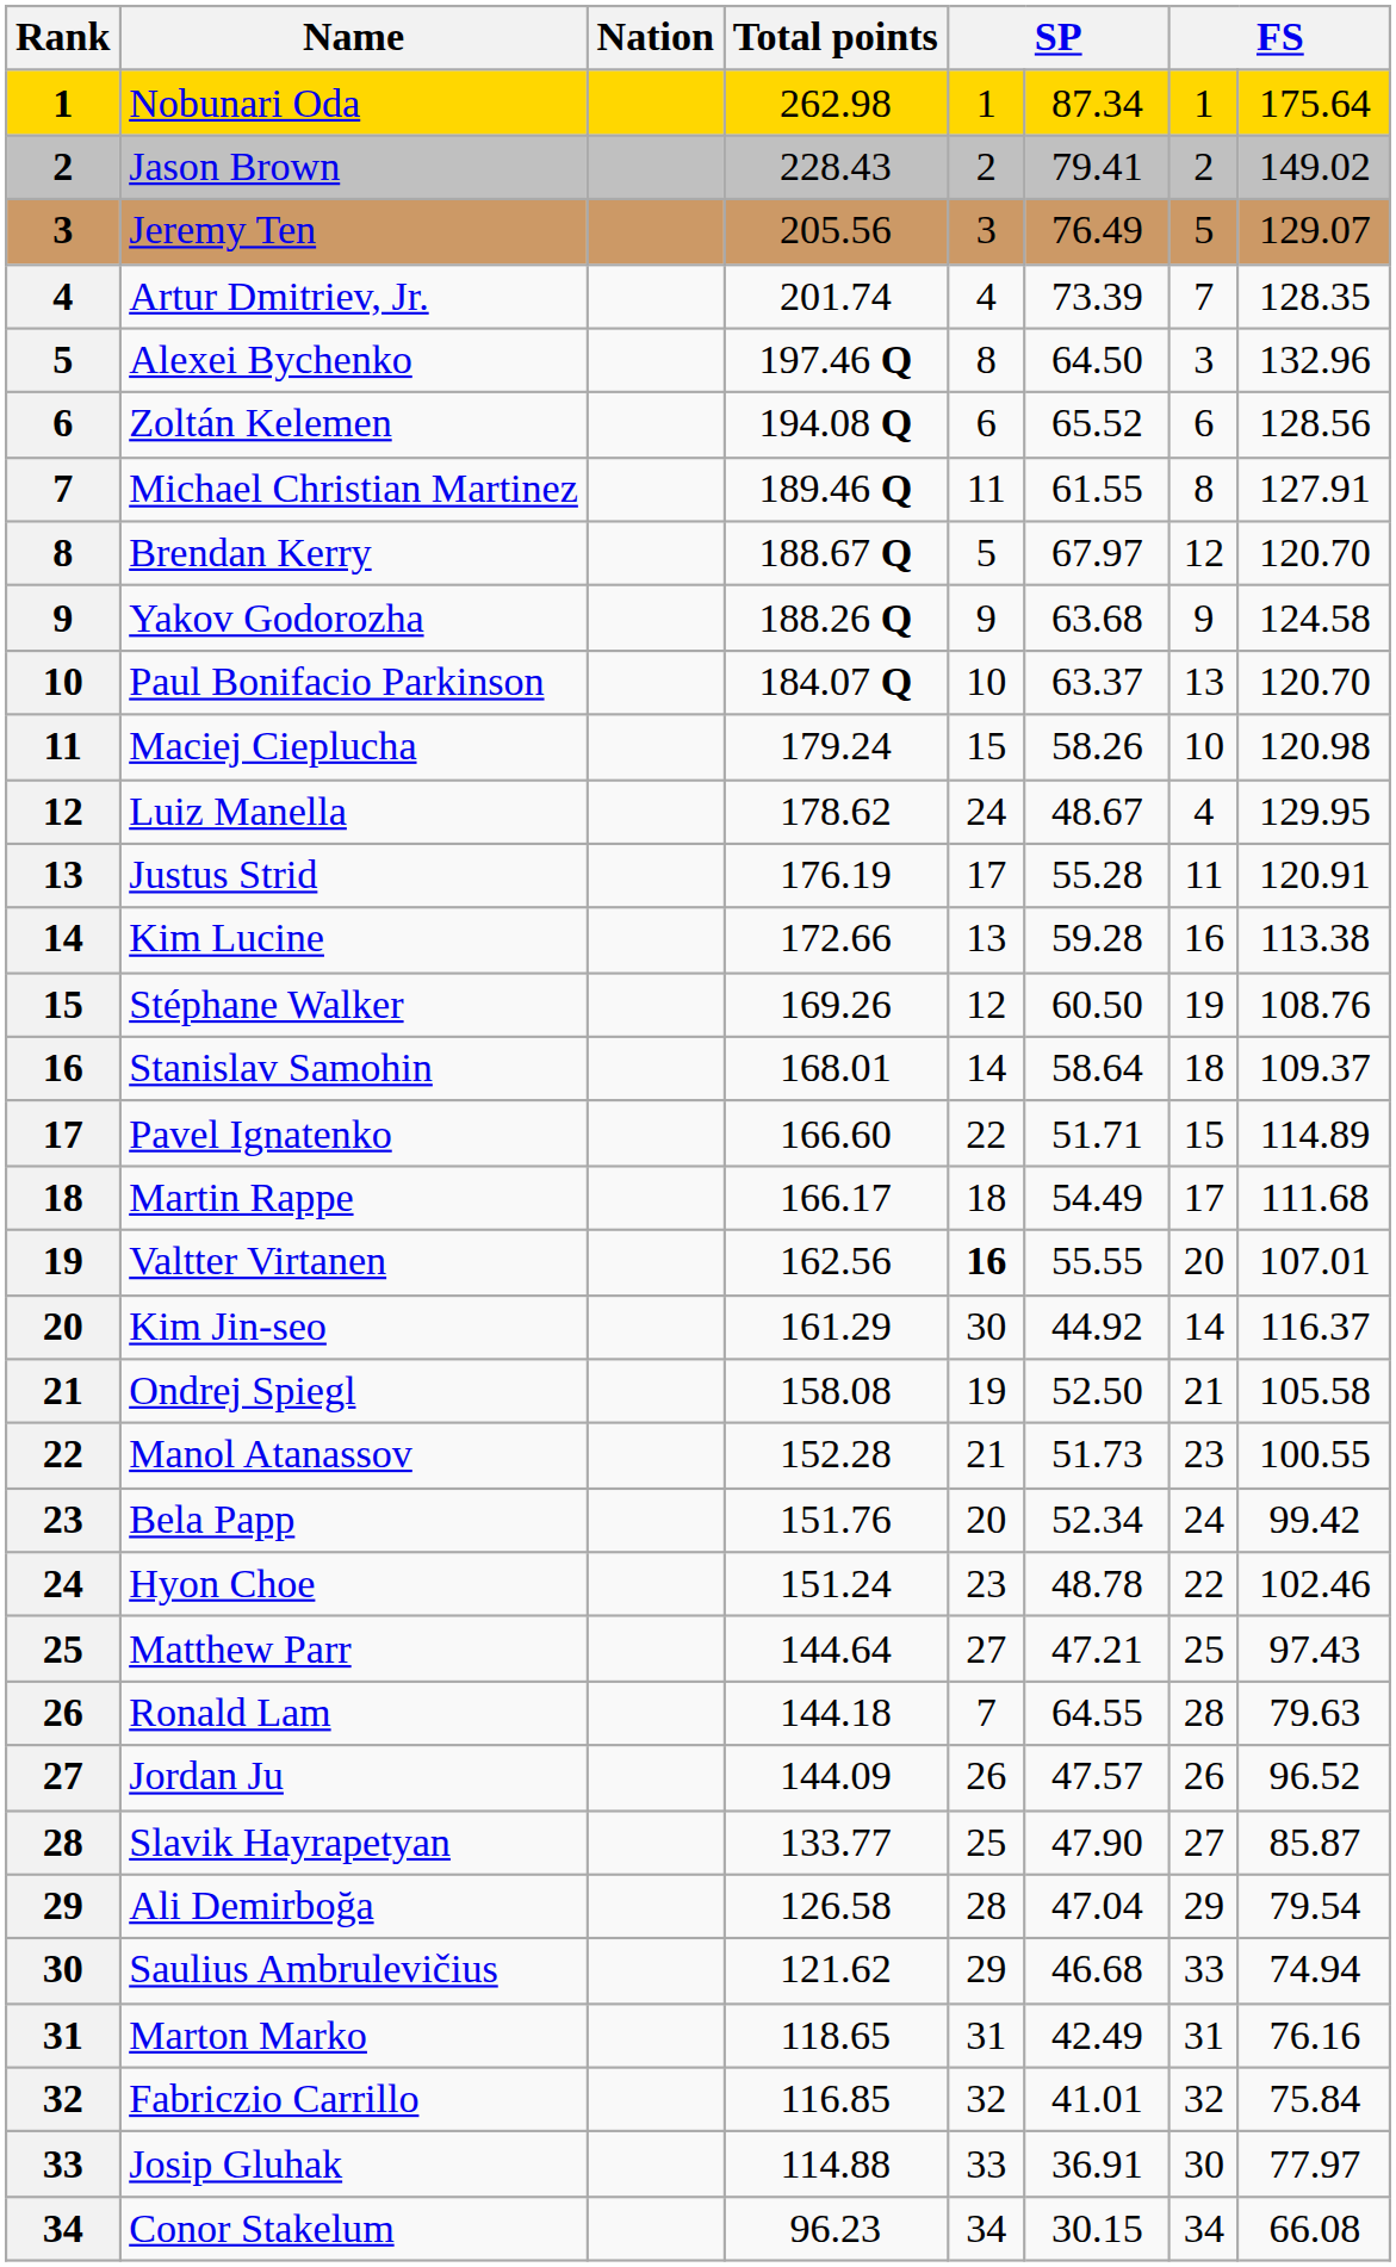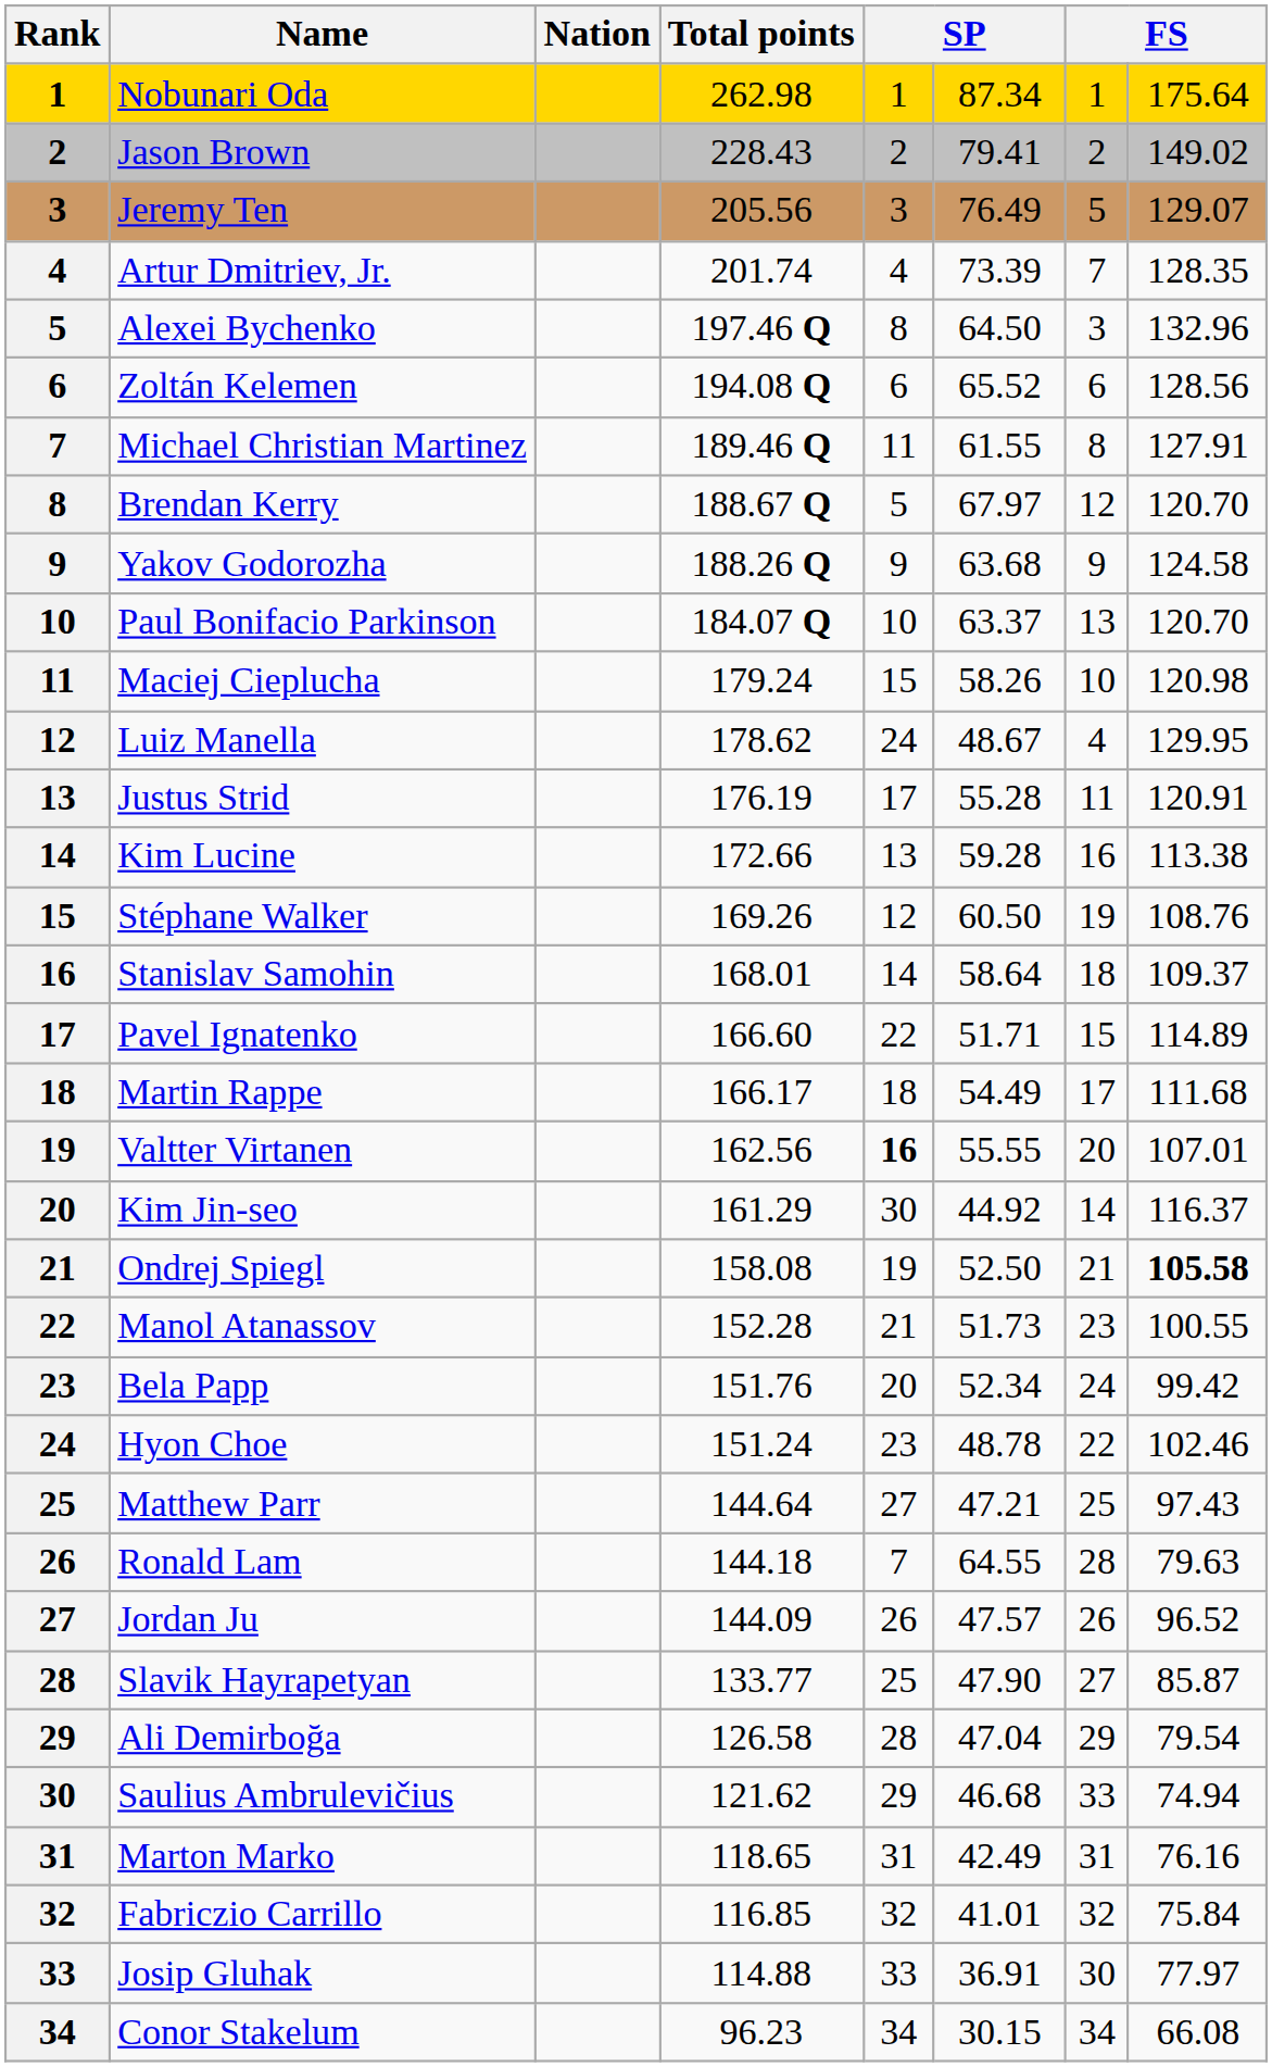 <table class="wikitable sortable">
 <tr>
 <th>Rank</th>
 <th>Name</th>
 <th>Nation</th>
 <th>Total points</th>
 <th colspan="2" width="80px"><a href='#'>SP</a></th>
 <th colspan="2" width="80px"><a href='#'>FS</a></th>
 </tr>
 <tr bgcolor="gold">
 <td align="center"><strong>1</strong></td>
 <td><a href='#'>Nobunari Oda</a></td>
 <td></td>
 <td align="center">262.98</td>
 <td align="center">1</td>
 <td align="center">87.34</td>
 <td align="center">1</td>
 <td align="center">175.64</td>
 </tr>
 <tr bgcolor="silver">
 <td align="center"><strong>2</strong></td>
 <td><a href='#'>Jason Brown</a></td>
 <td></td>
 <td align="center">228.43</td>
 <td align="center">2</td>
 <td align="center">79.41</td>
 <td align="center">2</td>
 <td align="center">149.02</td>
 </tr>
 <tr bgcolor="cc9966">
 <td align="center"><strong>3</strong></td>
 <td><a href='#'>Jeremy Ten</a></td>
 <td></td>
 <td align="center">205.56</td>
 <td align="center">3</td>
 <td align="center">76.49</td>
 <td align="center">5</td>
 <td align="center">129.07</td>
 </tr>
 <tr>
 <th>4</th>
 <td><a href='#'>Artur Dmitriev, Jr.</a></td>
 <td></td>
 <td align="center">201.74</td>
 <td align="center">4</td>
 <td align="center">73.39</td>
 <td align="center">7</td>
 <td align="center">128.35</td>
 </tr>
 <tr>
 <th>5</th>
 <td><a href='#'>Alexei Bychenko</a></td>
 <td></td>
 <td align="center">197.46 <strong>Q</strong></td>
 <td align="center">8</td>
 <td align="center">64.50</td>
 <td align="center">3</td>
 <td align="center">132.96</td>
 </tr>
 <tr>
 <th>6</th>
 <td><a href='#'>Zoltán Kelemen</a></td>
 <td></td>
 <td align="center">194.08 <strong>Q</strong></td>
 <td align="center">6</td>
 <td align="center">65.52</td>
 <td align="center">6</td>
 <td align="center">128.56</td>
 </tr>
 <tr>
 <th>7</th>
 <td><a href='#'>Michael Christian Martinez</a></td>
 <td></td>
 <td align="center">189.46 <strong>Q</strong></td>
 <td align="center">11</td>
 <td align="center">61.55</td>
 <td align="center">8</td>
 <td align="center">127.91</td>
 </tr>
 <tr>
 <th>8</th>
 <td><a href='#'>Brendan Kerry</a></td>
 <td></td>
 <td align="center">188.67 <strong>Q</strong></td>
 <td align="center">5</td>
 <td align="center">67.97</td>
 <td align="center">12</td>
 <td align="center">120.70</td>
 </tr>
 <tr>
 <th>9</th>
 <td><a href='#'>Yakov Godorozha</a></td>
 <td></td>
 <td align="center">188.26 <strong>Q</strong></td>
 <td align="center">9</td>
 <td align="center">63.68</td>
 <td align="center">9</td>
 <td align="center">124.58</td>
 </tr>
 <tr>
 <th>10</th>
 <td><a href='#'>Paul Bonifacio Parkinson</a></td>
 <td></td>
 <td align="center">184.07 <strong>Q</strong></td>
 <td align="center">10</td>
 <td align="center">63.37</td>
 <td align="center">13</td>
 <td align="center">120.70</td>
 </tr>
 <tr>
 <th>11</th>
 <td><a href='#'>Maciej Cieplucha</a></td>
 <td></td>
 <td align="center">179.24</td>
 <td align="center">15</td>
 <td align="center">58.26</td>
 <td align="center">10</td>
 <td align="center">120.98</td>
 </tr>
 <tr>
 <th>12</th>
 <td><a href='#'>Luiz Manella</a></td>
 <td></td>
 <td align="center">178.62</td>
 <td align="center">24</td>
 <td align="center">48.67</td>
 <td align="center">4</td>
 <td align="center">129.95</td>
 </tr>
 <tr>
 <th>13</th>
 <td><a href='#'>Justus Strid</a></td>
 <td></td>
 <td align="center">176.19</td>
 <td align="center">17</td>
 <td align="center">55.28</td>
 <td align="center">11</td>
 <td align="center">120.91</td>
 </tr>
 <tr>
 <th>14</th>
 <td><a href='#'>Kim Lucine</a></td>
 <td></td>
 <td align="center">172.66</td>
 <td align="center">13</td>
 <td align="center">59.28</td>
 <td align="center">16</td>
 <td align="center">113.38</td>
 </tr>
 <tr>
 <th>15</th>
 <td><a href='#'>Stéphane Walker</a></td>
 <td></td>
 <td align="center">169.26</td>
 <td align="center">12</td>
 <td align="center">60.50</td>
 <td align="center">19</td>
 <td align="center">108.76</td>
 </tr>
 <tr>
 <th>16</th>
 <td><a href='#'>Stanislav Samohin</a></td>
 <td></td>
 <td align="center">168.01</td>
 <td align="center">14</td>
 <td align="center">58.64</td>
 <td align="center">18</td>
 <td align="center">109.37</td>
 </tr>
 <tr>
 <th>17</th>
 <td><a href='#'>Pavel Ignatenko</a></td>
 <td></td>
 <td align="center">166.60</td>
 <td align="center">22</td>
 <td align="center">51.71</td>
 <td align="center">15</td>
 <td align="center">114.89</td>
 </tr>
 <tr>
 <th>18</th>
 <td><a href='#'>Martin Rappe</a></td>
 <td></td>
 <td align="center">166.17</td>
 <td align="center">18</td>
 <td align="center">54.49</td>
 <td align="center">17</td>
 <td align="center">111.68</td>
 </tr>
 <tr>
 <th>19</th>
 <td><a href='#'>Valtter Virtanen</a></td>
 <td></td>
 <td align="center">162.56</td>
 <td align="center"><strong>16</strong></td>
 <td align="center">55.55</td>
 <td align="center">20</td>
 <td align="center">107.01</td>
 </tr>
 <tr>
 <th>20</th>
 <td><a href='#'>Kim Jin-seo</a></td>
 <td></td>
 <td align="center">161.29</td>
 <td align="center">30</td>
 <td align="center">44.92</td>
 <td align="center">14</td>
 <td align="center">116.37</td>
 </tr>
 <tr>
 <th>21</th>
 <td><a href='#'>Ondrej Spiegl</a></td>
 <td></td>
 <td align="center">158.08</td>
 <td align="center">19</td>
 <td align="center">52.50</td>
 <td align="center">21</td>
-<td align="center">105.58</td>
+<td align="center"><strong>105.58</strong></td>
 </tr>
 <tr>
 <th>22</th>
 <td><a href='#'>Manol Atanassov</a></td>
 <td></td>
 <td align="center">152.28</td>
 <td align="center">21</td>
 <td align="center">51.73</td>
 <td align="center">23</td>
 <td align="center">100.55</td>
 </tr>
 <tr>
 <th>23</th>
 <td><a href='#'>Bela Papp</a></td>
 <td></td>
 <td align="center">151.76</td>
 <td align="center">20</td>
 <td align="center">52.34</td>
 <td align="center">24</td>
 <td align="center">99.42</td>
 </tr>
 <tr>
 <th>24</th>
 <td><a href='#'>Hyon Choe</a></td>
 <td></td>
 <td align="center">151.24</td>
 <td align="center">23</td>
 <td align="center">48.78</td>
 <td align="center">22</td>
 <td align="center">102.46</td>
 </tr>
 <tr>
 <th>25</th>
 <td><a href='#'>Matthew Parr</a></td>
 <td></td>
 <td align="center">144.64</td>
 <td align="center">27</td>
 <td align="center">47.21</td>
 <td align="center">25</td>
 <td align="center">97.43</td>
 </tr>
 <tr>
 <th>26</th>
 <td><a href='#'>Ronald Lam</a></td>
 <td></td>
 <td align="center">144.18</td>
 <td align="center">7</td>
 <td align="center">64.55</td>
 <td align="center">28</td>
 <td align="center">79.63</td>
 </tr>
 <tr>
 <th>27</th>
 <td><a href='#'>Jordan Ju</a></td>
 <td></td>
 <td align="center">144.09</td>
 <td align="center">26</td>
 <td align="center">47.57</td>
 <td align="center">26</td>
 <td align="center">96.52</td>
 </tr>
 <tr>
 <th>28</th>
 <td><a href='#'>Slavik Hayrapetyan</a></td>
 <td></td>
 <td align="center">133.77</td>
 <td align="center">25</td>
 <td align="center">47.90</td>
 <td align="center">27</td>
 <td align="center">85.87</td>
 </tr>
 <tr>
 <th>29</th>
 <td><a href='#'>Ali Demirboğa</a></td>
 <td></td>
 <td align="center">126.58</td>
 <td align="center">28</td>
 <td align="center">47.04</td>
 <td align="center">29</td>
 <td align="center">79.54</td>
 </tr>
 <tr>
 <th>30</th>
 <td><a href='#'>Saulius Ambrulevičius</a></td>
 <td></td>
 <td align="center">121.62</td>
 <td align="center">29</td>
 <td align="center">46.68</td>
 <td align="center">33</td>
 <td align="center">74.94</td>
 </tr>
 <tr>
 <th>31</th>
 <td><a href='#'>Marton Marko</a></td>
 <td></td>
 <td align="center">118.65</td>
 <td align="center">31</td>
 <td align="center">42.49</td>
 <td align="center">31</td>
 <td align="center">76.16</td>
 </tr>
 <tr>
 <th>32</th>
 <td><a href='#'>Fabriczio Carrillo</a></td>
 <td></td>
 <td align="center">116.85</td>
 <td align="center">32</td>
 <td align="center">41.01</td>
 <td align="center">32</td>
 <td align="center">75.84</td>
 </tr>
 <tr>
 <th>33</th>
 <td><a href='#'>Josip Gluhak</a></td>
 <td></td>
 <td align="center">114.88</td>
 <td align="center">33</td>
 <td align="center">36.91</td>
 <td align="center">30</td>
 <td align="center">77.97</td>
 </tr>
 <tr>
 <th>34</th>
 <td><a href='#'>Conor Stakelum</a></td>
 <td></td>
 <td align="center">96.23</td>
 <td align="center">34</td>
 <td align="center">30.15</td>
 <td align="center">34</td>
 <td align="center">66.08</td>
 </tr>
 </table>
